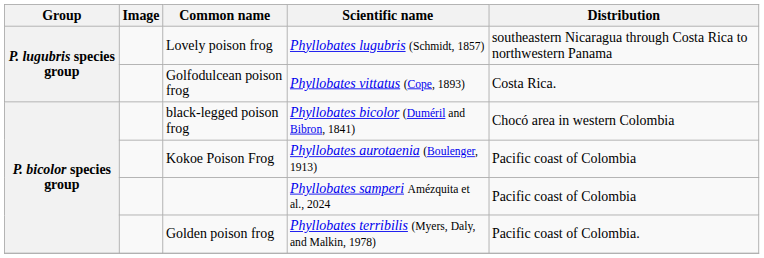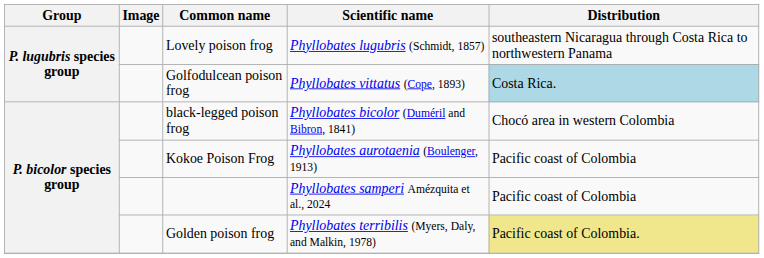 <table class="wikitable sortable collapsible">
 <tr>
 <th>Group</th>
 <th>Image</th>
 <th>Common name</th>
 <th>Scientific name</th>
 <th>Distribution</th>
 </tr>
 <tr>
 <th rowspan="2" style="text-align:center;"><em>P. lugubris</em> species group</th>
 <td></td>
 <td>Lovely poison frog</td>
 <td><em><a href='#'>Phyllobates lugubris</a></em> <small>(Schmidt, 1857)</small></td>
 <td>southeastern Nicaragua through Costa Rica to northwestern Panama</td>
 </tr>
 <tr>
 <td></td>
 <td>Golfodulcean poison frog</td>
 <td><em><a href='#'>Phyllobates vittatus</a></em> <small>(<a href='#'>Cope</a>, 1893)</small></td>
-<td>Costa Rica.</td>
+<td style="background: lightblue;">Costa Rica.</td>
 </tr>
 <tr>
 <th rowspan="4" style="text-align:center;"><em>P. bicolor</em> species group</th>
 <td></td>
 <td>black-legged poison frog</td>
 <td><em><a href='#'>Phyllobates bicolor</a></em> <small>(<a href='#'>Duméril</a> and <a href='#'>Bibron</a>, 1841)</small></td>
 <td>Chocó area in western Colombia</td>
 </tr>
 <tr>
 <td></td>
 <td>Kokoe Poison Frog</td>
 <td><em><a href='#'>Phyllobates aurotaenia</a></em> <small>(<a href='#'>Boulenger</a>, 1913)</small></td>
 <td>Pacific coast of Colombia</td>
 </tr>
 <tr>
 <td></td>
 <td></td>
 <td><em><a href='#'>Phyllobates samperi</a></em> <small>Amézquita et al., 2024</small></td>
 <td>Pacific coast of Colombia</td>
 </tr>
 <tr>
 <td></td>
 <td>Golden poison frog</td>
 <td><em><a href='#'>Phyllobates terribilis</a></em> <small>(Myers, Daly, and Malkin, 1978)</small></td>
-<td>Pacific coast of Colombia.</td>
+<td style="background: khaki;">Pacific coast of Colombia.</td>
 </tr>
 <tr>
 </tr>
 </table>
